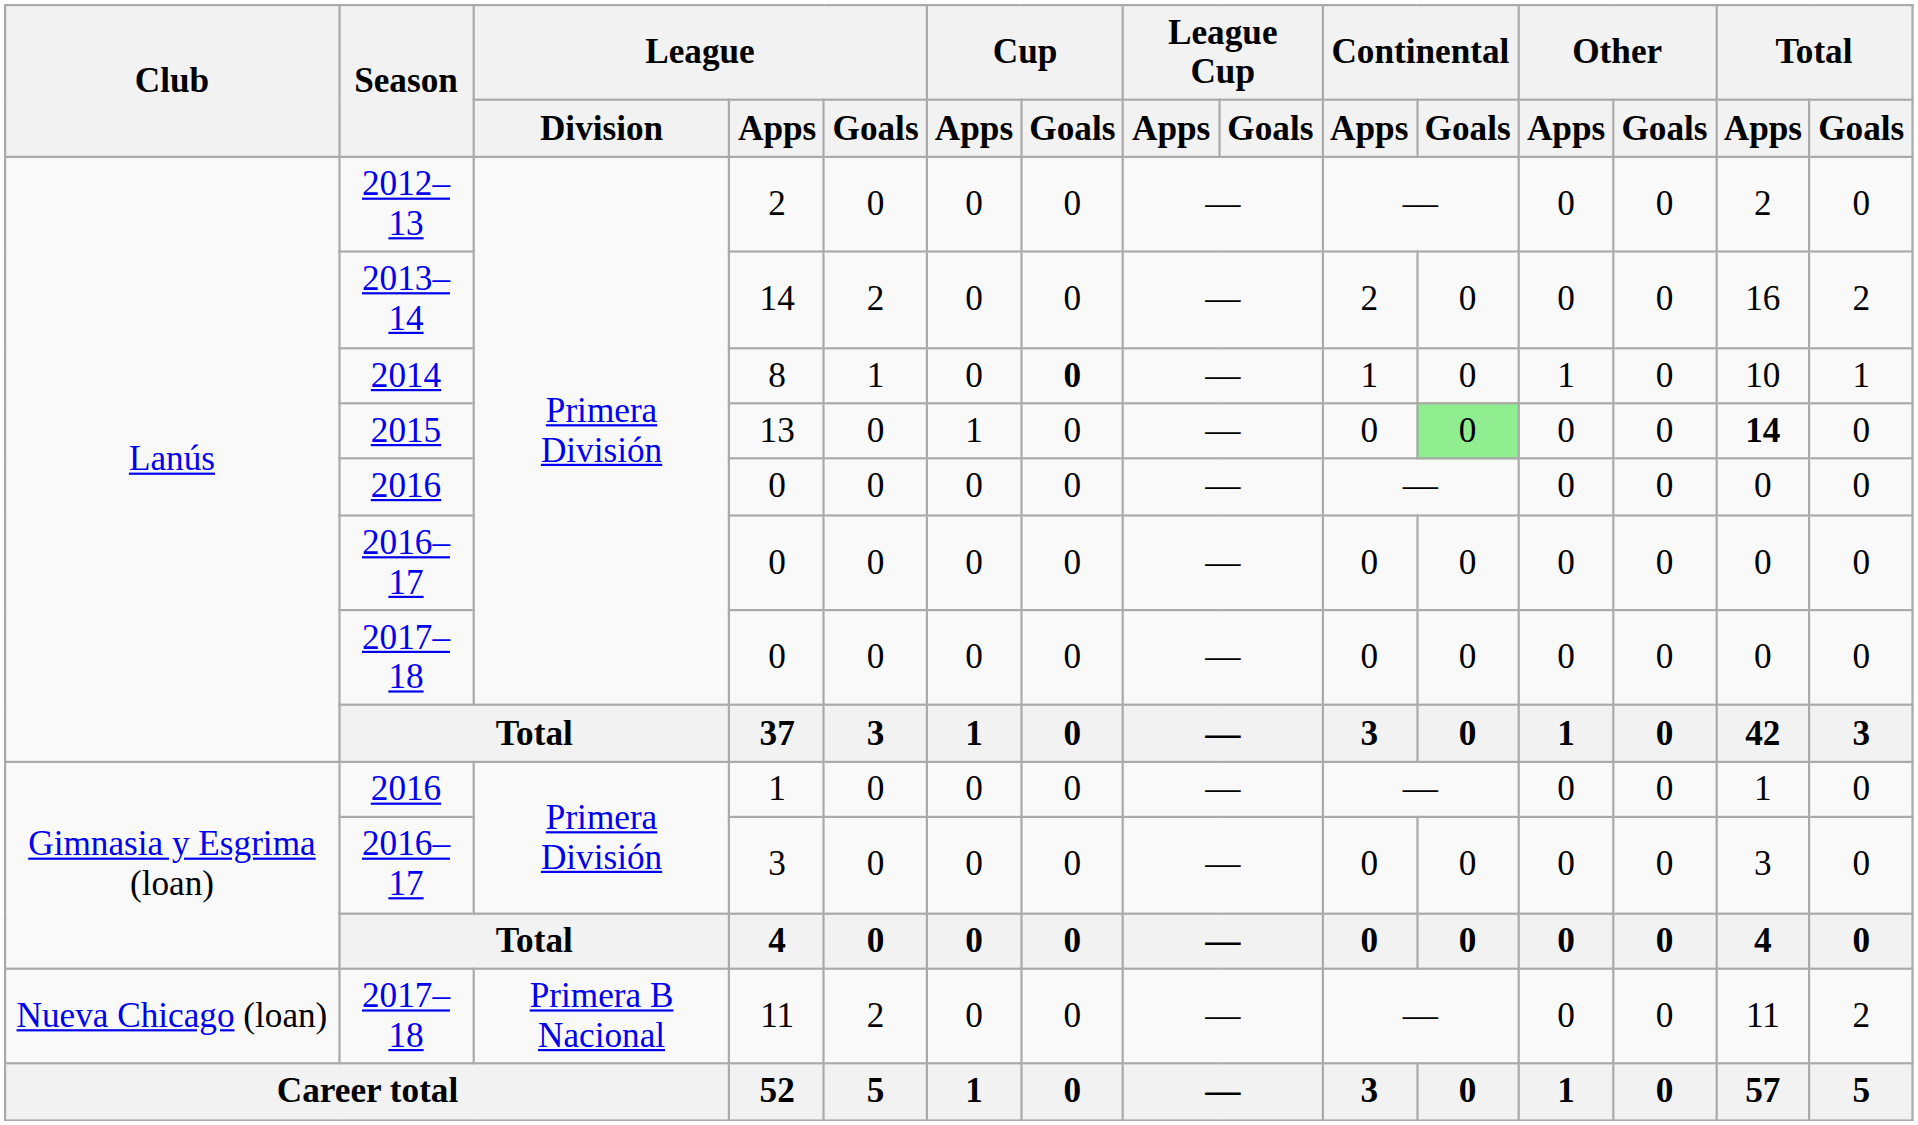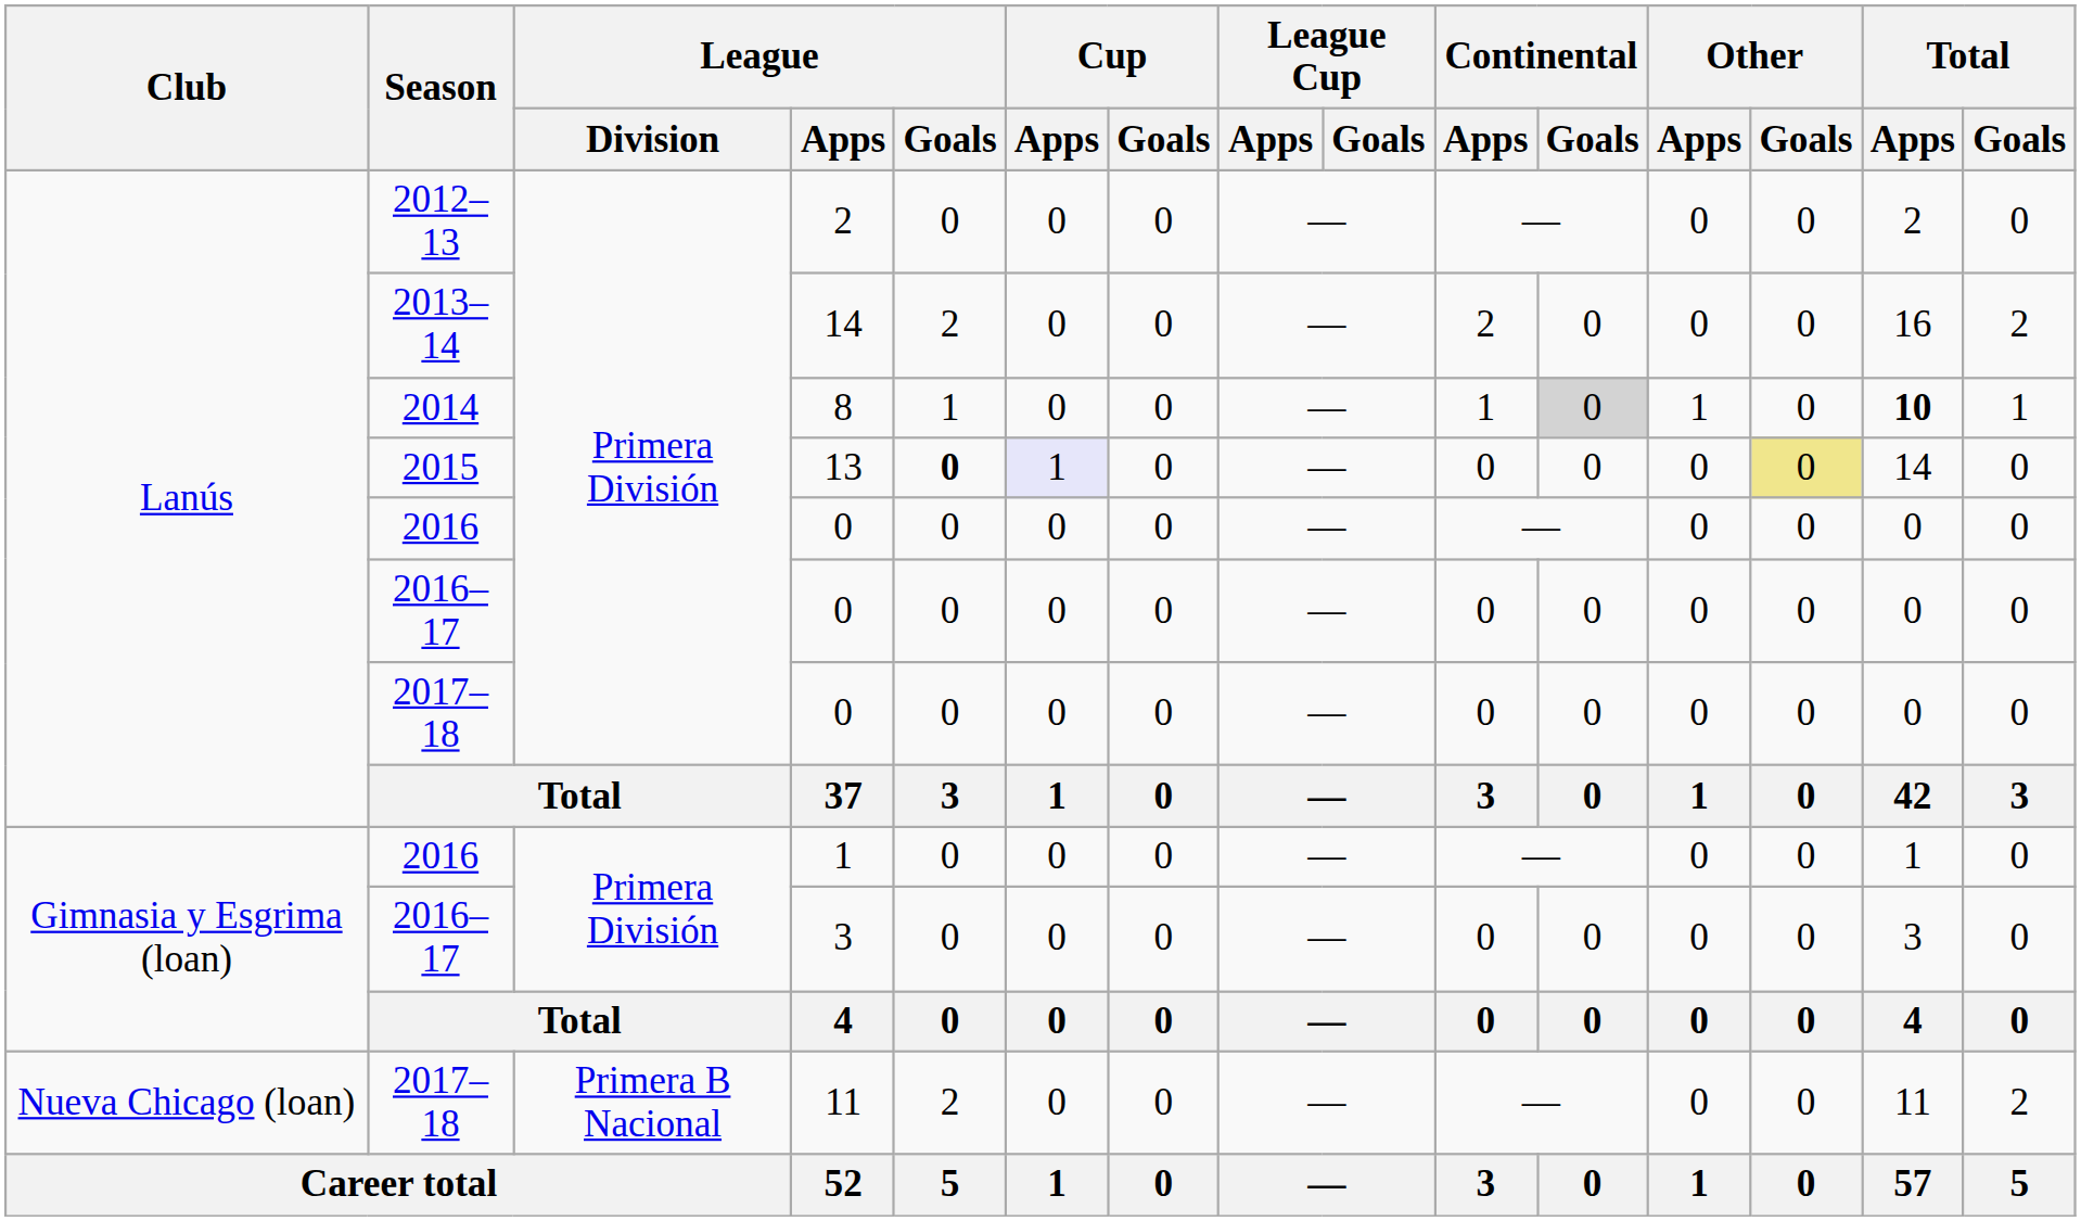 <table class="wikitable" style="text-align:center">
 <tr>
 <th rowspan="2">Club</th>
 <th rowspan="2">Season</th>
 <th colspan="3">League</th>
 <th colspan="2">Cup</th>
 <th colspan="2">League Cup</th>
 <th colspan="2">Continental</th>
 <th colspan="2">Other</th>
 <th colspan="2">Total</th>
 </tr>
 <tr>
 <th>Division</th>
 <th>Apps</th>
 <th>Goals</th>
 <th>Apps</th>
 <th>Goals</th>
 <th>Apps</th>
 <th>Goals</th>
 <th>Apps</th>
 <th>Goals</th>
 <th>Apps</th>
 <th>Goals</th>
 <th>Apps</th>
 <th>Goals</th>
 </tr>
 <tr>
 <td rowspan="8"><a href='#'>Lanús</a></td>
 <td><a href='#'>2012–13</a></td>
 <td rowspan="7"><a href='#'>Primera División</a></td>
 <td>2</td>
 <td>0</td>
 <td>0</td>
 <td>0</td>
 <td colspan="2">—</td>
 <td colspan="2">—</td>
 <td>0</td>
 <td>0</td>
 <td>2</td>
 <td>0</td>
 </tr>
 <tr>
 <td><a href='#'>2013–14</a></td>
 <td>14</td>
 <td>2</td>
 <td>0</td>
 <td>0</td>
 <td colspan="2">—</td>
 <td>2</td>
 <td>0</td>
 <td>0</td>
 <td>0</td>
 <td>16</td>
 <td>2</td>
 </tr>
 <tr>
 <td><a href='#'>2014</a></td>
 <td>8</td>
 <td>1</td>
 <td>0</td>
-<td><strong>0</strong></td>
+<td>0</td>
 <td colspan="2">—</td>
 <td>1</td>
-<td>0</td>
+<td style="background: lightgrey;">0</td>
 <td>1</td>
 <td>0</td>
-<td>10</td>
+<td><strong>10</strong></td>
 <td>1</td>
 </tr>
 <tr>
 <td><a href='#'>2015</a></td>
 <td>13</td>
-<td>0</td>
-<td>1</td>
+<td><strong>0</strong></td>
+<td style="background: lavender;">1</td>
 <td>0</td>
 <td colspan="2">—</td>
 <td>0</td>
-<td style="background: lightgreen;">0</td>
 <td>0</td>
 <td>0</td>
-<td><strong>14</strong></td>
+<td style="background: khaki;">0</td>
+<td>14</td>
 <td>0</td>
 </tr>
 <tr>
 <td><a href='#'>2016</a></td>
 <td>0</td>
 <td>0</td>
 <td>0</td>
 <td>0</td>
 <td colspan="2">—</td>
 <td colspan="2">—</td>
 <td>0</td>
 <td>0</td>
 <td>0</td>
 <td>0</td>
 </tr>
 <tr>
 <td><a href='#'>2016–17</a></td>
 <td>0</td>
 <td>0</td>
 <td>0</td>
 <td>0</td>
 <td colspan="2">—</td>
 <td>0</td>
 <td>0</td>
 <td>0</td>
 <td>0</td>
 <td>0</td>
 <td>0</td>
 </tr>
 <tr>
 <td><a href='#'>2017–18</a></td>
 <td>0</td>
 <td>0</td>
 <td>0</td>
 <td>0</td>
 <td colspan="2">—</td>
 <td>0</td>
 <td>0</td>
 <td>0</td>
 <td>0</td>
 <td>0</td>
 <td>0</td>
 </tr>
 <tr>
 <th colspan="2">Total</th>
 <th>37</th>
 <th>3</th>
 <th>1</th>
 <th>0</th>
 <th colspan="2">—</th>
 <th>3</th>
 <th>0</th>
 <th>1</th>
 <th>0</th>
 <th>42</th>
 <th>3</th>
 </tr>
 <tr>
 <td rowspan="3"><a href='#'>Gimnasia y Esgrima</a> (loan)</td>
 <td><a href='#'>2016</a></td>
 <td rowspan="2"><a href='#'>Primera División</a></td>
 <td>1</td>
 <td>0</td>
 <td>0</td>
 <td>0</td>
 <td colspan="2">—</td>
 <td colspan="2">—</td>
 <td>0</td>
 <td>0</td>
 <td>1</td>
 <td>0</td>
 </tr>
 <tr>
 <td><a href='#'>2016–17</a></td>
 <td>3</td>
 <td>0</td>
 <td>0</td>
 <td>0</td>
 <td colspan="2">—</td>
 <td>0</td>
 <td>0</td>
 <td>0</td>
 <td>0</td>
 <td>3</td>
 <td>0</td>
 </tr>
 <tr>
 <th colspan="2">Total</th>
 <th>4</th>
 <th>0</th>
 <th>0</th>
 <th>0</th>
 <th colspan="2">—</th>
 <th>0</th>
 <th>0</th>
 <th>0</th>
 <th>0</th>
 <th>4</th>
 <th>0</th>
 </tr>
 <tr>
 <td rowspan="1"><a href='#'>Nueva Chicago</a> (loan)</td>
 <td><a href='#'>2017–18</a></td>
 <td rowspan="1"><a href='#'>Primera B Nacional</a></td>
 <td>11</td>
 <td>2</td>
 <td>0</td>
 <td>0</td>
 <td colspan="2">—</td>
 <td colspan="2">—</td>
 <td>0</td>
 <td>0</td>
 <td>11</td>
 <td>2</td>
 </tr>
 <tr>
 <th colspan="3">Career total</th>
 <th>52</th>
 <th>5</th>
 <th>1</th>
 <th>0</th>
 <th colspan="2">—</th>
 <th>3</th>
 <th>0</th>
 <th>1</th>
 <th>0</th>
 <th>57</th>
 <th>5</th>
 </tr>
 </table>
